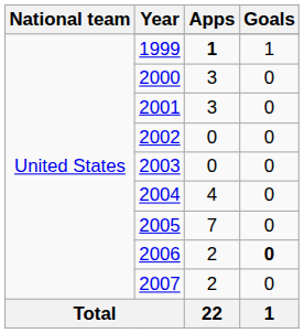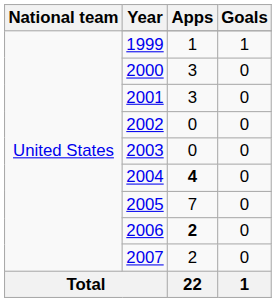 <table class="wikitable" style="text-align: center">
 <tr>
 <th>National team</th>
 <th>Year</th>
 <th>Apps</th>
 <th>Goals</th>
 </tr>
 <tr>
 <td rowspan="10"><a href='#'>United States</a></td>
 </tr>
 <tr>
 <td><a href='#'>1999</a></td>
-<td><strong>1</strong></td>
+<td>1</td>
 <td>1</td>
 </tr>
 <tr>
 <td><a href='#'>2000</a></td>
 <td>3</td>
 <td>0</td>
 </tr>
 <tr>
 <td><a href='#'>2001</a></td>
 <td>3</td>
 <td>0</td>
 </tr>
 <tr>
 <td><a href='#'>2002</a></td>
 <td>0</td>
 <td>0</td>
 </tr>
 <tr>
 <td><a href='#'>2003</a></td>
 <td>0</td>
 <td>0</td>
 </tr>
 <tr>
 <td><a href='#'>2004</a></td>
-<td>4</td>
+<td><strong>4</strong></td>
 <td>0</td>
 </tr>
 <tr>
 <td><a href='#'>2005</a></td>
 <td>7</td>
 <td>0</td>
 </tr>
 <tr>
 <td><a href='#'>2006</a></td>
-<td>2</td>
-<td><strong>0</strong></td>
+<td><strong>2</strong></td>
+<td>0</td>
 </tr>
 <tr>
 <td><a href='#'>2007</a></td>
 <td>2</td>
 <td>0</td>
 </tr>
 <tr>
 <th colspan=2>Total</th>
 <th>22</th>
 <th>1</th>
 </tr>
 </table>
